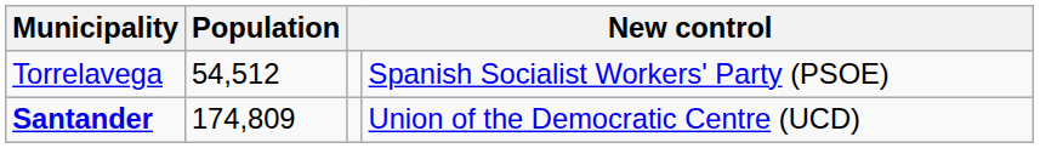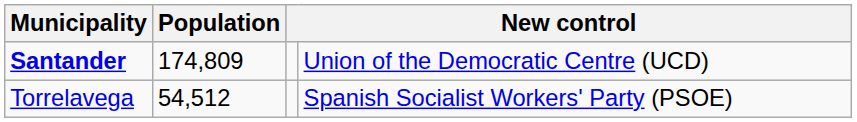 <table class="wikitable sortable">
 <tr>
 <th>Municipality</th>
 <th>Population</th>
 <th colspan="2" style="width:375px;">New control</th>
 </tr>
 <tr>
+<td><strong><a href='#'>Santander</a></strong></td>
+<td>174,809</td>
+<td width="1" style="color:inherit;background:"></td>
+<td><a href='#'>Union of the Democratic Centre</a> (UCD)</td>
+</tr>
+<tr>
 <td><a href='#'>Torrelavega</a></td>
 <td>54,512</td>
 <td style="color:inherit;background:"></td>
 <td><a href='#'>Spanish Socialist Workers' Party</a> (PSOE)</td>
 </tr>
-<tr>
-<td><strong><a href='#'>Santander</a></strong></td>
-<td>174,809</td>
-<td width="1" style="color:inherit;background:"></td>
-<td><a href='#'>Union of the Democratic Centre</a> (UCD)</td>
-</tr>
 </table>
